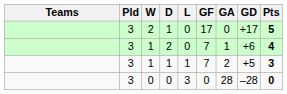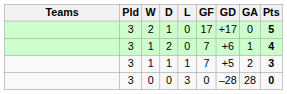 <table class="wikitable" style="text-align: center;">
 <tr>
 <th width=165>Teams</th>
 <th width=20>Pld</th>
 <th width=20>W</th>
 <th width=20>D</th>
 <th width=20>L</th>
 <th width=20>GF</th>
+<th width=20>GD</th>
 <th width=20>GA</th>
-<th width=20>GD</th>
 <th width=20>Pts</th>
 </tr>
 <tr align=center style="background:#ccffcc;">
 <td style="text-align:left;"></td>
 <td>3</td>
 <td>2</td>
 <td>1</td>
 <td>0</td>
 <td>17</td>
+<td>+17</td>
 <td>0</td>
-<td>+17</td>
 <td><strong>5</strong></td>
 </tr>
 <tr align=center style="background:#ccffcc;">
 <td style="text-align:left;"></td>
 <td>3</td>
 <td>1</td>
 <td>2</td>
 <td>0</td>
 <td>7</td>
+<td>+6</td>
 <td>1</td>
-<td>+6</td>
 <td><strong>4</strong></td>
 </tr>
 <tr align=center>
 <td style="text-align:left;"></td>
 <td>3</td>
 <td>1</td>
 <td>1</td>
 <td>1</td>
 <td>7</td>
+<td>+5</td>
 <td>2</td>
-<td>+5</td>
 <td><strong>3</strong></td>
 </tr>
 <tr align=center>
 <td style="text-align:left;"></td>
 <td>3</td>
 <td>0</td>
 <td>0</td>
 <td>3</td>
 <td>0</td>
+<td>–28</td>
 <td>28</td>
-<td>–28</td>
 <td><strong>0</strong></td>
 </tr>
 </table>
